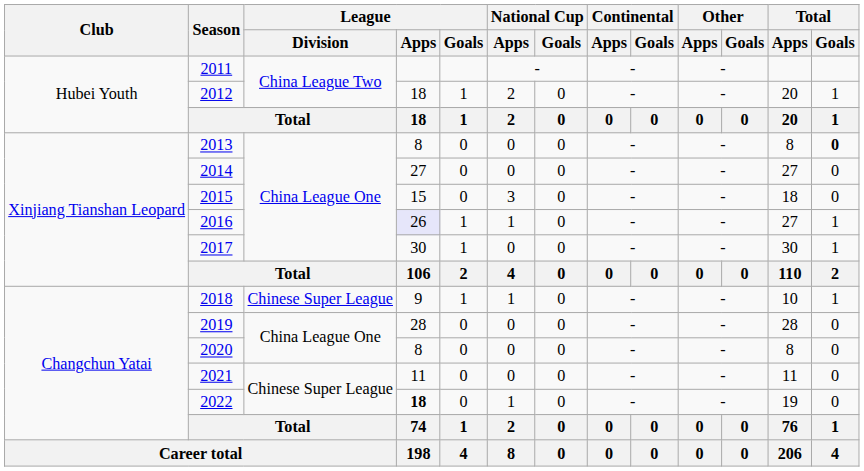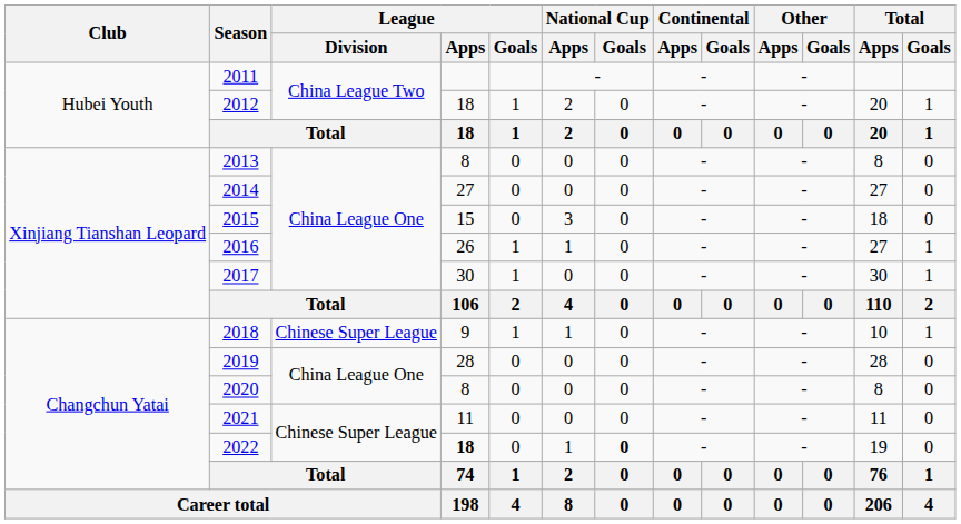 <table class="wikitable" style="text-align: center">
 <tr>
 <th rowspan="2">Club</th>
 <th rowspan="2">Season</th>
 <th colspan="3">League</th>
 <th colspan="2">National Cup</th>
 <th colspan="2">Continental</th>
 <th colspan="2">Other</th>
 <th colspan="2">Total</th>
 </tr>
 <tr>
 <th>Division</th>
 <th>Apps</th>
 <th>Goals</th>
 <th>Apps</th>
 <th>Goals</th>
 <th>Apps</th>
 <th>Goals</th>
 <th>Apps</th>
 <th>Goals</th>
 <th>Apps</th>
 <th>Goals</th>
 </tr>
 <tr>
 <td rowspan=3>Hubei Youth</td>
 <td><a href='#'>2011</a></td>
 <td rowspan="2"><a href='#'>China League Two</a></td>
 <td></td>
 <td></td>
 <td colspan="2">-</td>
 <td colspan="2">-</td>
 <td colspan="2">-</td>
 <td></td>
 <td></td>
 </tr>
 <tr>
 <td><a href='#'>2012</a></td>
 <td>18</td>
 <td>1</td>
 <td>2</td>
 <td>0</td>
 <td colspan="2">-</td>
 <td colspan="2">-</td>
 <td>20</td>
 <td>1</td>
 </tr>
 <tr>
 <th colspan="2">Total</th>
 <th>18</th>
 <th>1</th>
 <th>2</th>
 <th>0</th>
 <th>0</th>
 <th>0</th>
 <th>0</th>
 <th>0</th>
 <th>20</th>
 <th>1</th>
 </tr>
 <tr>
 <td rowspan=6><a href='#'>Xinjiang Tianshan Leopard</a></td>
 <td><a href='#'>2013</a></td>
 <td rowspan="5"><a href='#'>China League One</a></td>
 <td>8</td>
 <td>0</td>
 <td>0</td>
 <td>0</td>
 <td colspan="2">-</td>
 <td colspan="2">-</td>
 <td>8</td>
-<td><strong>0</strong></td>
+<td>0</td>
 </tr>
 <tr>
 <td><a href='#'>2014</a></td>
 <td>27</td>
 <td>0</td>
 <td>0</td>
 <td>0</td>
 <td colspan="2">-</td>
 <td colspan="2">-</td>
 <td>27</td>
 <td>0</td>
 </tr>
 <tr>
 <td><a href='#'>2015</a></td>
 <td>15</td>
 <td>0</td>
 <td>3</td>
 <td>0</td>
 <td colspan="2">-</td>
 <td colspan="2">-</td>
 <td>18</td>
 <td>0</td>
 </tr>
 <tr>
 <td><a href='#'>2016</a></td>
-<td style="background: lavender;">26</td>
+<td>26</td>
 <td>1</td>
 <td>1</td>
 <td>0</td>
 <td colspan="2">-</td>
 <td colspan="2">-</td>
 <td>27</td>
 <td>1</td>
 </tr>
 <tr>
 <td><a href='#'>2017</a></td>
 <td>30</td>
 <td>1</td>
 <td>0</td>
 <td>0</td>
 <td colspan="2">-</td>
 <td colspan="2">-</td>
 <td>30</td>
 <td>1</td>
 </tr>
 <tr>
 <th colspan="2">Total</th>
 <th>106</th>
 <th>2</th>
 <th>4</th>
 <th>0</th>
 <th>0</th>
 <th>0</th>
 <th>0</th>
 <th>0</th>
 <th>110</th>
 <th>2</th>
 </tr>
 <tr>
 <td rowspan=6><a href='#'>Changchun Yatai</a></td>
 <td><a href='#'>2018</a></td>
 <td><a href='#'>Chinese Super League</a></td>
 <td>9</td>
 <td>1</td>
 <td>1</td>
 <td>0</td>
 <td colspan="2">-</td>
 <td colspan="2">-</td>
 <td>10</td>
 <td>1</td>
 </tr>
 <tr>
 <td><a href='#'>2019</a></td>
 <td rowspan=2>China League One</td>
 <td>28</td>
 <td>0</td>
 <td>0</td>
 <td>0</td>
 <td colspan="2">-</td>
 <td colspan="2">-</td>
 <td>28</td>
 <td>0</td>
 </tr>
 <tr>
 <td><a href='#'>2020</a></td>
 <td>8</td>
 <td>0</td>
 <td>0</td>
 <td>0</td>
 <td colspan="2">-</td>
 <td colspan="2">-</td>
 <td>8</td>
 <td>0</td>
 </tr>
 <tr>
 <td><a href='#'>2021</a></td>
 <td rowspan=2>Chinese Super League</td>
 <td>11</td>
 <td>0</td>
 <td>0</td>
 <td>0</td>
 <td colspan="2">-</td>
 <td colspan="2">-</td>
 <td>11</td>
 <td>0</td>
 </tr>
 <tr>
 <td><a href='#'>2022</a></td>
 <td><strong>18</strong></td>
 <td>0</td>
 <td>1</td>
-<td>0</td>
+<td><strong>0</strong></td>
 <td colspan="2">-</td>
 <td colspan="2">-</td>
 <td>19</td>
 <td>0</td>
 </tr>
 <tr>
 <th colspan="2">Total</th>
 <th>74</th>
 <th>1</th>
 <th>2</th>
 <th>0</th>
 <th>0</th>
 <th>0</th>
 <th>0</th>
 <th>0</th>
 <th>76</th>
 <th>1</th>
 </tr>
 <tr>
 <th colspan=3>Career total</th>
 <th>198</th>
 <th>4</th>
 <th>8</th>
 <th>0</th>
 <th>0</th>
 <th>0</th>
 <th>0</th>
 <th>0</th>
 <th>206</th>
 <th>4</th>
 </tr>
 </table>
